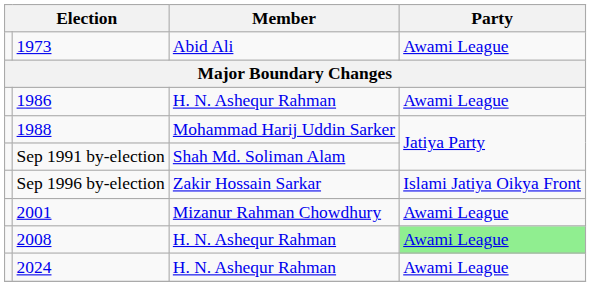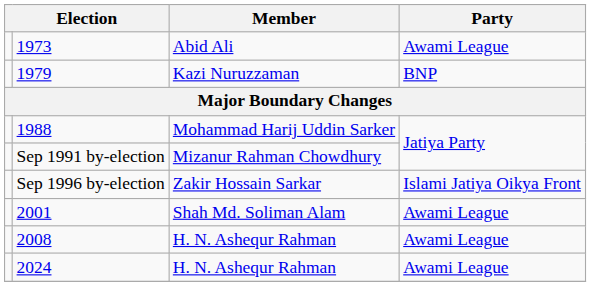 <table class="wikitable">
 <tr>
 <th colspan="2">Election</th>
 <th>Member</th>
 <th>Party</th>
 </tr>
 <tr>
 <td style="background-color:"></td>
 <td><a href='#'>1973</a></td>
 <td><a href='#'>Abid Ali</a></td>
 <td><a href='#'>Awami League</a></td>
 </tr>
 <tr>
-<th colspan="4"><strong>Major Boundary Changes</strong></th>
+<td style="background-color:"></td>
+<td><a href='#'>1979</a></td>
+<td><a href='#'>Kazi Nuruzzaman</a></td>
+<td><a href='#'>BNP</a></td>
 </tr>
 <tr>
-<td style="background-color:"></td>
-<td><a href='#'>1986</a></td>
-<td><a href='#'>H. N. Ashequr Rahman</a></td>
-<td><a href='#'>Awami League</a></td>
+<th colspan="4"><strong>Major Boundary Changes</strong></th>
 </tr>
 <tr>
 <td style="background-color:"></td>
 <td><a href='#'>1988</a></td>
 <td><a href='#'>Mohammad Harij Uddin Sarker</a></td>
 <td rowspan="2"><a href='#'>Jatiya Party</a></td>
 </tr>
 <tr>
 <td style="background-color:"></td>
 <td>Sep 1991 by-election</td>
-<td><a href='#'>Shah Md. Soliman Alam</a></td>
+<td><a href='#'>Mizanur Rahman Chowdhury</a></td>
 </tr>
 <tr>
 <td style="background-color:"></td>
 <td>Sep 1996 by-election</td>
 <td><a href='#'>Zakir Hossain Sarkar</a></td>
 <td><a href='#'>Islami Jatiya Oikya Front</a></td>
 </tr>
 <tr>
 <td style="background-color:"></td>
 <td><a href='#'>2001</a></td>
-<td><a href='#'>Mizanur Rahman Chowdhury</a></td>
+<td><a href='#'>Shah Md. Soliman Alam</a></td>
 <td><a href='#'>Awami League</a></td>
 </tr>
 <tr>
 <td style="background-color:"></td>
 <td><a href='#'>2008</a></td>
 <td><a href='#'>H. N. Ashequr Rahman</a></td>
-<td style="background: lightgreen;"><a href='#'>Awami League</a></td>
+<td><a href='#'>Awami League</a></td>
 </tr>
 <tr>
 <td style="background-color:"></td>
 <td><a href='#'>2024</a></td>
 <td><a href='#'>H. N. Ashequr Rahman</a></td>
 <td><a href='#'>Awami League</a></td>
 </tr>
 <tr>
 </tr>
 </table>
